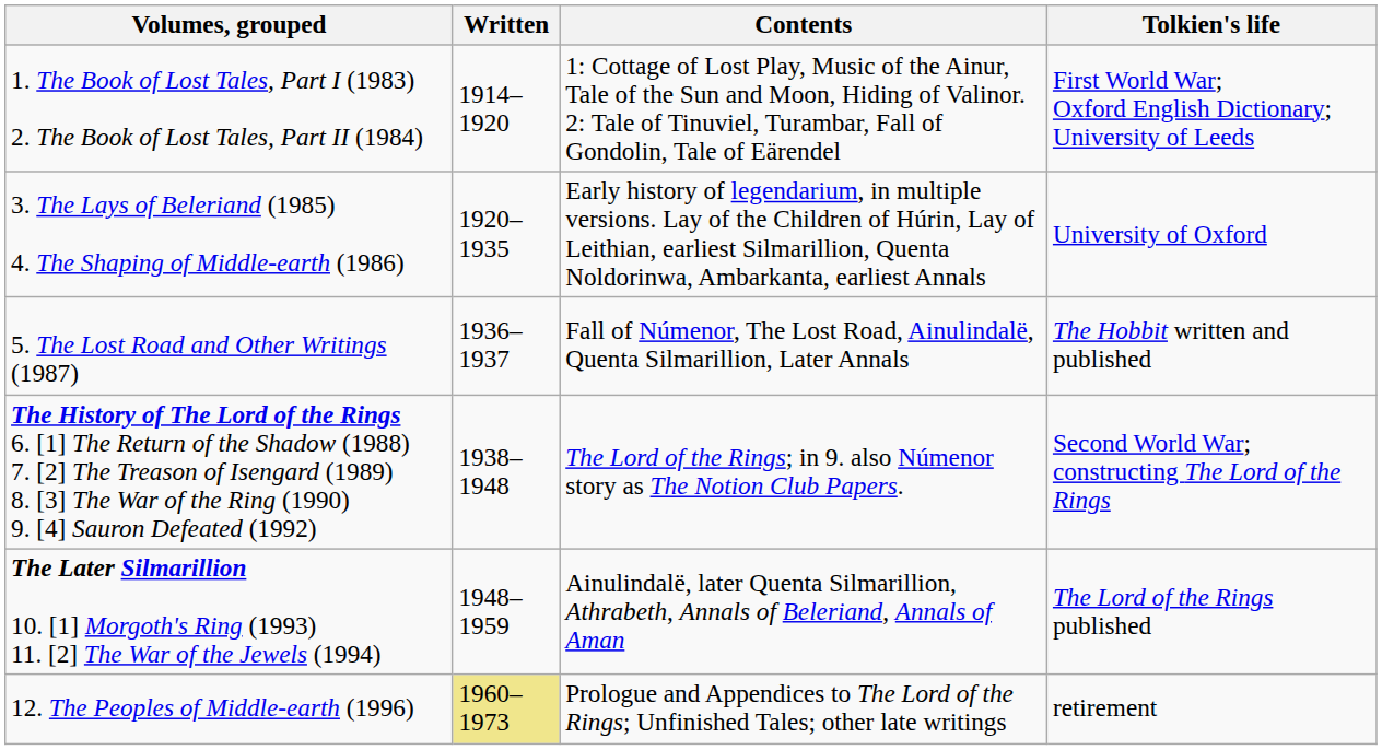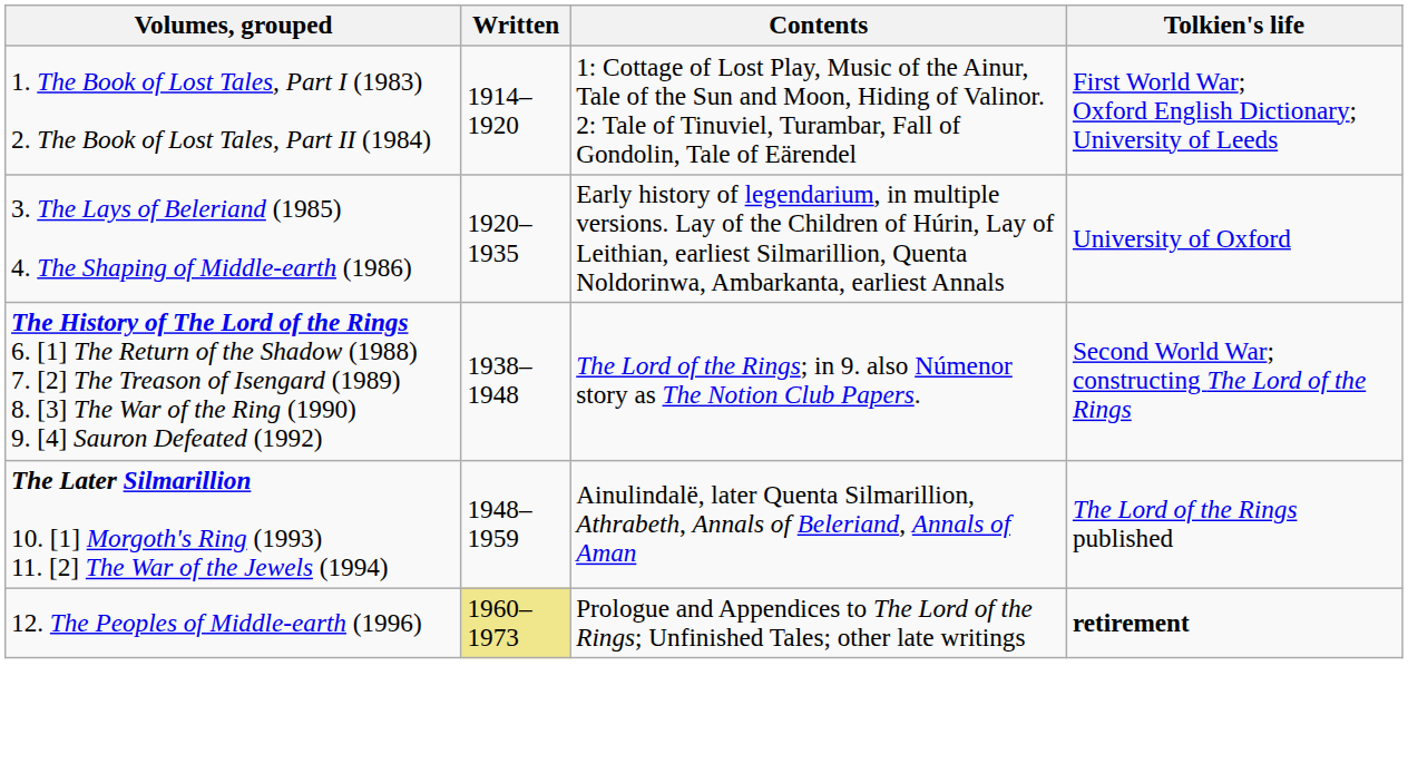 <table class="wikitable">
 <tr>
 <th style="width: 275px;">Volumes, grouped</th>
 <th style="width:  60px;">Written</th>
 <th style="width: 300px;">Contents</th>
 <th style="width: 200px;">Tolkien's life</th>
 </tr>
 <tr>
 <td>1. <em><a href='#'>The Book of Lost Tales</a>, Part I</em> (1983)<br><br>2. <em>The Book of Lost Tales, Part II</em> (1984)</td>
 <td>1914–1920</td>
 <td>1: Cottage of Lost Play, Music of the Ainur, Tale of the Sun and Moon, Hiding of Valinor.<br>2: Tale of Tinuviel, Turambar, Fall of Gondolin, Tale of Eärendel</td>
 <td><a href='#'>First World War</a>;<br><a href='#'>Oxford English Dictionary</a>;<br><a href='#'>University of Leeds</a></td>
 </tr>
 <tr>
 <td>3. <em><a href='#'>The Lays of Beleriand</a></em> (1985)<br><br>4. <em><a href='#'>The Shaping of Middle-earth</a></em> (1986)</td>
 <td>1920–1935</td>
 <td>Early history of <a href='#'>legendarium</a>, in multiple versions. Lay of the Children of Húrin, Lay of Leithian, earliest Silmarillion, Quenta Noldorinwa, Ambarkanta, earliest Annals</td>
 <td><a href='#'>University of Oxford</a></td>
 </tr>
 <tr>
-<td><br>5. <em><a href='#'>The Lost Road and Other Writings</a></em> (1987)</td>
-<td>1936–1937</td>
-<td>Fall of <a href='#'>Númenor</a>, The Lost Road, <a href='#'>Ainulindalë</a>, Quenta Silmarillion, Later Annals</td>
-<td><em><a href='#'>The Hobbit</a></em> written and published</td>
-</tr>
-<tr>
 <td><strong><em><a href='#'>The History of The Lord of the Rings</a></em></strong><br>6. [1] <em>The Return of the Shadow</em> (1988)<br> 7. [2] <em>The Treason of Isengard</em> (1989)<br> 8. [3] <em>The War of the Ring</em> (1990)<br> 9. [4] <em>Sauron Defeated</em> (1992)</td>
 <td>1938–1948</td>
 <td><em><a href='#'>The Lord of the Rings</a></em>; in 9. also <a href='#'>Númenor</a> story as <em><a href='#'>The Notion Club Papers</a></em>.</td>
 <td><a href='#'>Second World War</a>;<br><a href='#'>constructing <em>The Lord of the Rings</em></a></td>
 </tr>
 <tr>
 <td><strong><em>The Later <a href='#'>Silmarillion</a></em></strong><br><br>10. [1] <em><a href='#'>Morgoth's Ring</a></em> (1993)<br> 11. [2] <em><a href='#'>The War of the Jewels</a></em> (1994)</td>
 <td>1948–1959</td>
 <td>Ainulindalë, later Quenta Silmarillion, <em>Athrabeth</em>, <em>Annals of <a href='#'>Beleriand</a></em>, <em><a href='#'>Annals of Aman</a></em></td>
 <td><em><a href='#'>The Lord of the Rings</a></em> published</td>
 </tr>
 <tr>
 <td>12. <em><a href='#'>The Peoples of Middle-earth</a></em> (1996)</td>
 <td style="background: khaki;">1960–1973</td>
 <td>Prologue and Appendices to <em>The Lord of the Rings</em>; Unfinished Tales; other late writings</td>
-<td>retirement</td>
+<td><strong>retirement</strong></td>
 </tr>
 </table>
